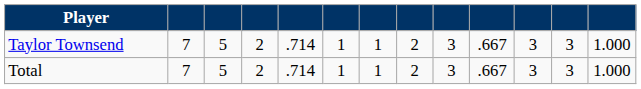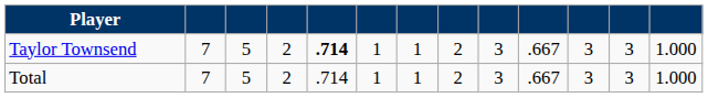 <table class="wikitable" style="text-align:center">
 <tr>
 <th style="background:#003366; color:white" width="200px">Player</th>
 <th style="background:#003366; color:white" width="40px"></th>
 <th style="background:#003366; color:white" width="40px"></th>
 <th style="background:#003366; color:white" width="40px"></th>
 <th style="background:#003366; color:white" width="40px"></th>
 <th style="background:#003366; color:white" width="40px"></th>
 <th style="background:#003366; color:white" width="40px"></th>
 <th style="background:#003366; color:white" width="40px"></th>
 <th style="background:#003366; color:white" width="40px"></th>
 <th style="background:#003366; color:white" width="40px"></th>
 <th style="background:#003366; color:white" width="40px"></th>
 <th style="background:#003366; color:white" width="40px"></th>
 <th style="background:#003366; color:white" width="40px"></th>
 </tr>
 <tr>
 <td style="text-align:left"><a href='#'>Taylor Townsend</a></td>
 <td>7</td>
 <td>5</td>
 <td>2</td>
-<td>.714</td>
+<td><strong>.714</strong></td>
 <td>1</td>
 <td>1</td>
 <td>2</td>
 <td>3</td>
 <td>.667</td>
 <td>3</td>
 <td>3</td>
 <td>1.000</td>
 </tr>
 <tr>
 <td style="text-align:left">Total</td>
 <td>7</td>
 <td>5</td>
 <td>2</td>
 <td>.714</td>
 <td>1</td>
 <td>1</td>
 <td>2</td>
 <td>3</td>
 <td>.667</td>
 <td>3</td>
 <td>3</td>
 <td>1.000</td>
 </tr>
 </table>
